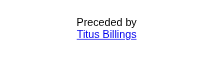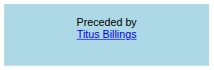 <table style="margin:1em auto">
 <tr>
 <td><br></td>
 </tr>
 <tr>
-<td width="30%" align="center"><br>Preceded by<br><span><a href='#'>Titus Billings</a></span><br><small><strong><em><br></em></strong></small><br>  </td>
+<td width="30%" align="center" style="background: lightblue;"><br>Preceded by<br><span><a href='#'>Titus Billings</a></span><br><small><strong><em><br></em></strong></small><br>  </td>
 </tr>
 </table>
